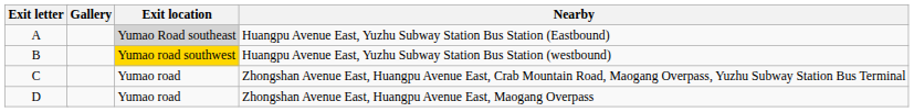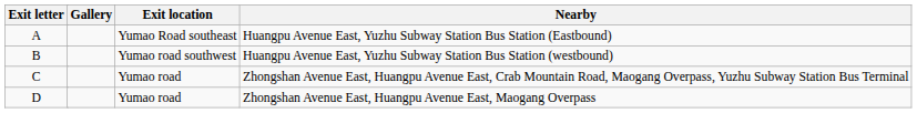 <table class="wikitable">
 <tr>
 <th style="width:70px" colspan="3">Exit letter</th>
 <th>Gallery</th>
 <th>Exit location</th>
 <th>Nearby</th>
 </tr>
 <tr>
 <td align="center" colspan="3">A</td>
 <td></td>
-<td style="background: lightgrey;">Yumao Road southeast</td>
+<td>Yumao Road southeast</td>
 <td>Huangpu Avenue East, Yuzhu Subway Station Bus Station (Eastbound)</td>
 </tr>
 <tr>
 <td align="center" colspan="3">B</td>
 <td></td>
-<td style="background: gold;">Yumao road southwest</td>
+<td>Yumao road southwest</td>
 <td>Huangpu Avenue East, Yuzhu Subway Station Bus Station (westbound)</td>
 </tr>
 <tr>
 <td align="center" colspan="3">C</td>
 <td></td>
 <td>Yumao road</td>
 <td>Zhongshan Avenue East, Huangpu Avenue East, Crab Mountain Road, Maogang Overpass, Yuzhu Subway Station Bus Terminal</td>
 </tr>
 <tr>
 <td align="center" colspan="3">D</td>
 <td></td>
 <td>Yumao road</td>
 <td>Zhongshan Avenue East, Huangpu Avenue East, Maogang Overpass</td>
 </tr>
 </table>
